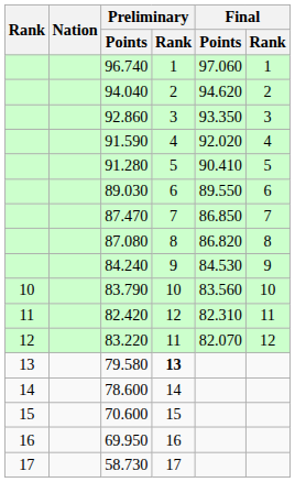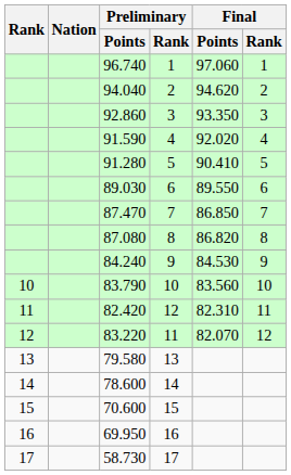 <table class="wikitable sortable" style="text-align:center">
 <tr>
 <th rowspan="2">Rank</th>
 <th rowspan="2">Nation</th>
 <th colspan="2">Preliminary</th>
 <th colspan="2">Final</th>
 </tr>
 <tr>
 <th>Points</th>
 <th>Rank</th>
 <th>Points</th>
 <th>Rank</th>
 </tr>
 <tr bgcolor=ccffcc>
 <td></td>
 <td align=left></td>
 <td>96.740</td>
 <td>1</td>
 <td>97.060</td>
 <td>1</td>
 </tr>
 <tr bgcolor=ccffcc>
 <td></td>
 <td align=left></td>
 <td>94.040</td>
 <td>2</td>
 <td>94.620</td>
 <td>2</td>
 </tr>
 <tr bgcolor=ccffcc>
 <td></td>
 <td align=left></td>
 <td>92.860</td>
 <td>3</td>
 <td>93.350</td>
 <td>3</td>
 </tr>
 <tr bgcolor=ccffcc>
 <td></td>
 <td align=left></td>
 <td>91.590</td>
 <td>4</td>
 <td>92.020</td>
 <td>4</td>
 </tr>
 <tr bgcolor=ccffcc>
 <td></td>
 <td align=left></td>
 <td>91.280</td>
 <td>5</td>
 <td>90.410</td>
 <td>5</td>
 </tr>
 <tr bgcolor=ccffcc>
 <td></td>
 <td align=left></td>
 <td>89.030</td>
 <td>6</td>
 <td>89.550</td>
 <td>6</td>
 </tr>
 <tr bgcolor=ccffcc>
 <td></td>
 <td align=left></td>
 <td>87.470</td>
 <td>7</td>
 <td>86.850</td>
 <td>7</td>
 </tr>
 <tr bgcolor=ccffcc>
 <td></td>
 <td align=left></td>
 <td>87.080</td>
 <td>8</td>
 <td>86.820</td>
 <td>8</td>
 </tr>
 <tr bgcolor=ccffcc>
 <td></td>
 <td align=left></td>
 <td>84.240</td>
 <td>9</td>
 <td>84.530</td>
 <td>9</td>
 </tr>
 <tr bgcolor=ccffcc>
 <td>10</td>
 <td align=left></td>
 <td>83.790</td>
 <td>10</td>
 <td>83.560</td>
 <td>10</td>
 </tr>
 <tr bgcolor=ccffcc>
 <td>11</td>
 <td align=left></td>
 <td>82.420</td>
 <td>12</td>
 <td>82.310</td>
 <td>11</td>
 </tr>
 <tr bgcolor=ccffcc>
 <td>12</td>
 <td align=left></td>
 <td>83.220</td>
 <td>11</td>
 <td>82.070</td>
 <td>12</td>
 </tr>
 <tr>
 <td>13</td>
 <td align=left></td>
 <td>79.580</td>
-<td><strong>13</strong></td>
+<td>13</td>
 <td></td>
 <td></td>
 </tr>
 <tr>
 <td>14</td>
 <td align=left></td>
 <td>78.600</td>
 <td>14</td>
 <td></td>
 <td></td>
 </tr>
 <tr>
 <td>15</td>
 <td align=left></td>
 <td>70.600</td>
 <td>15</td>
 <td></td>
 <td></td>
 </tr>
 <tr>
 <td>16</td>
 <td align=left></td>
 <td>69.950</td>
 <td>16</td>
 <td></td>
 <td></td>
 </tr>
 <tr>
 <td>17</td>
 <td align=left></td>
 <td>58.730</td>
 <td>17</td>
 <td></td>
 <td></td>
 </tr>
 </table>
